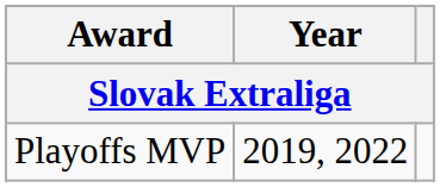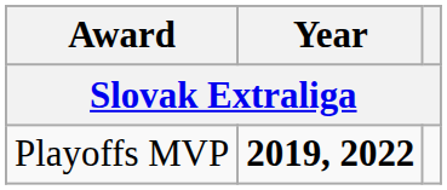 <table class="wikitable">
 <tr>
 <th>Award</th>
 <th>Year</th>
 <th></th>
 </tr>
 <tr>
 <th colspan="3"><a href='#'>Slovak Extraliga</a></th>
 </tr>
 <tr>
 <td>Playoffs MVP</td>
-<td>2019, 2022</td>
+<td><strong>2019, 2022</strong></td>
 <td></td>
 </tr>
 </table>
